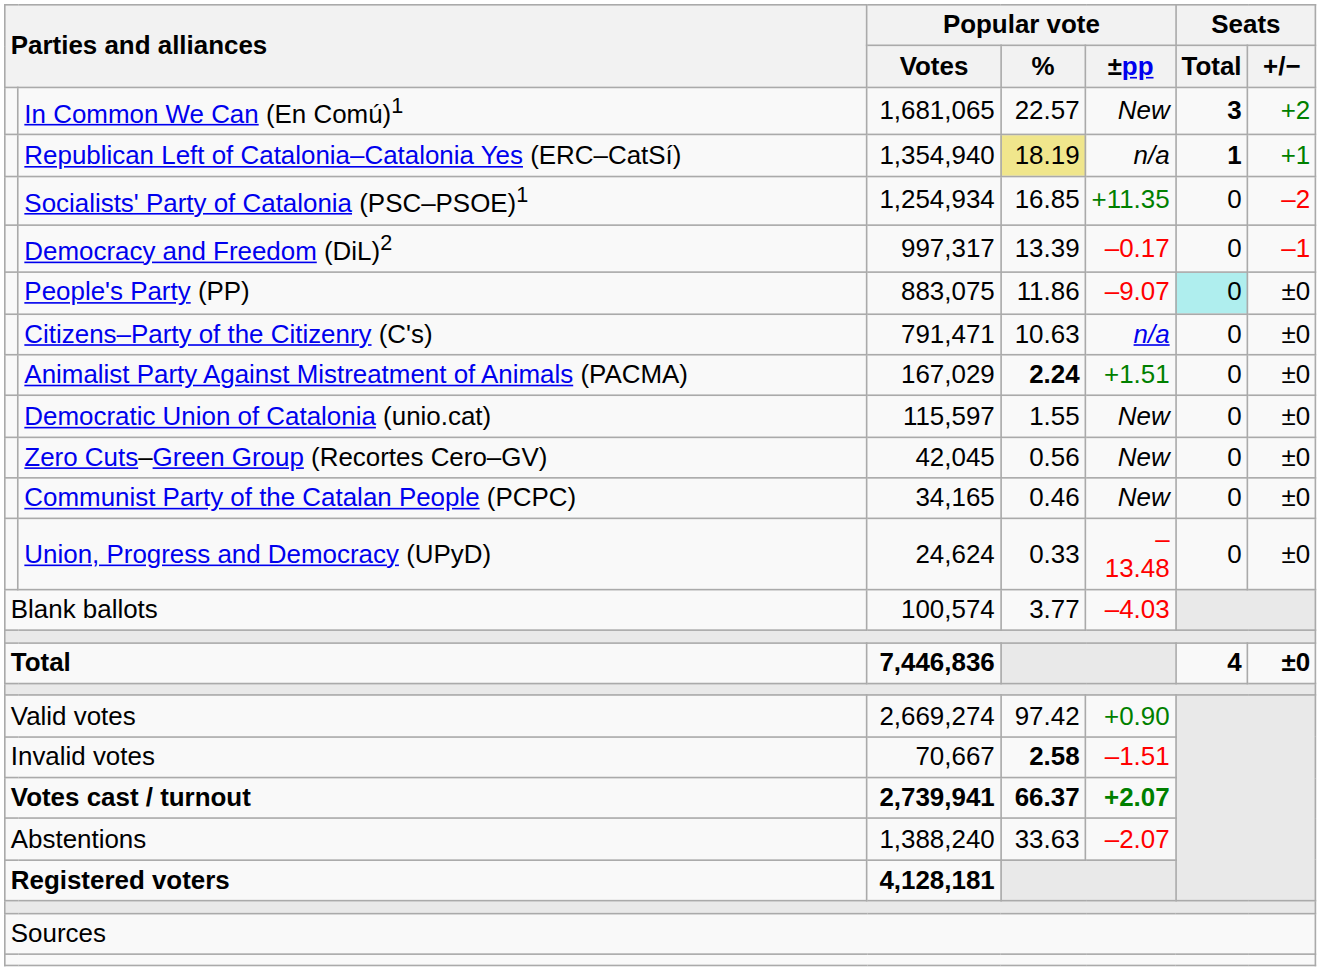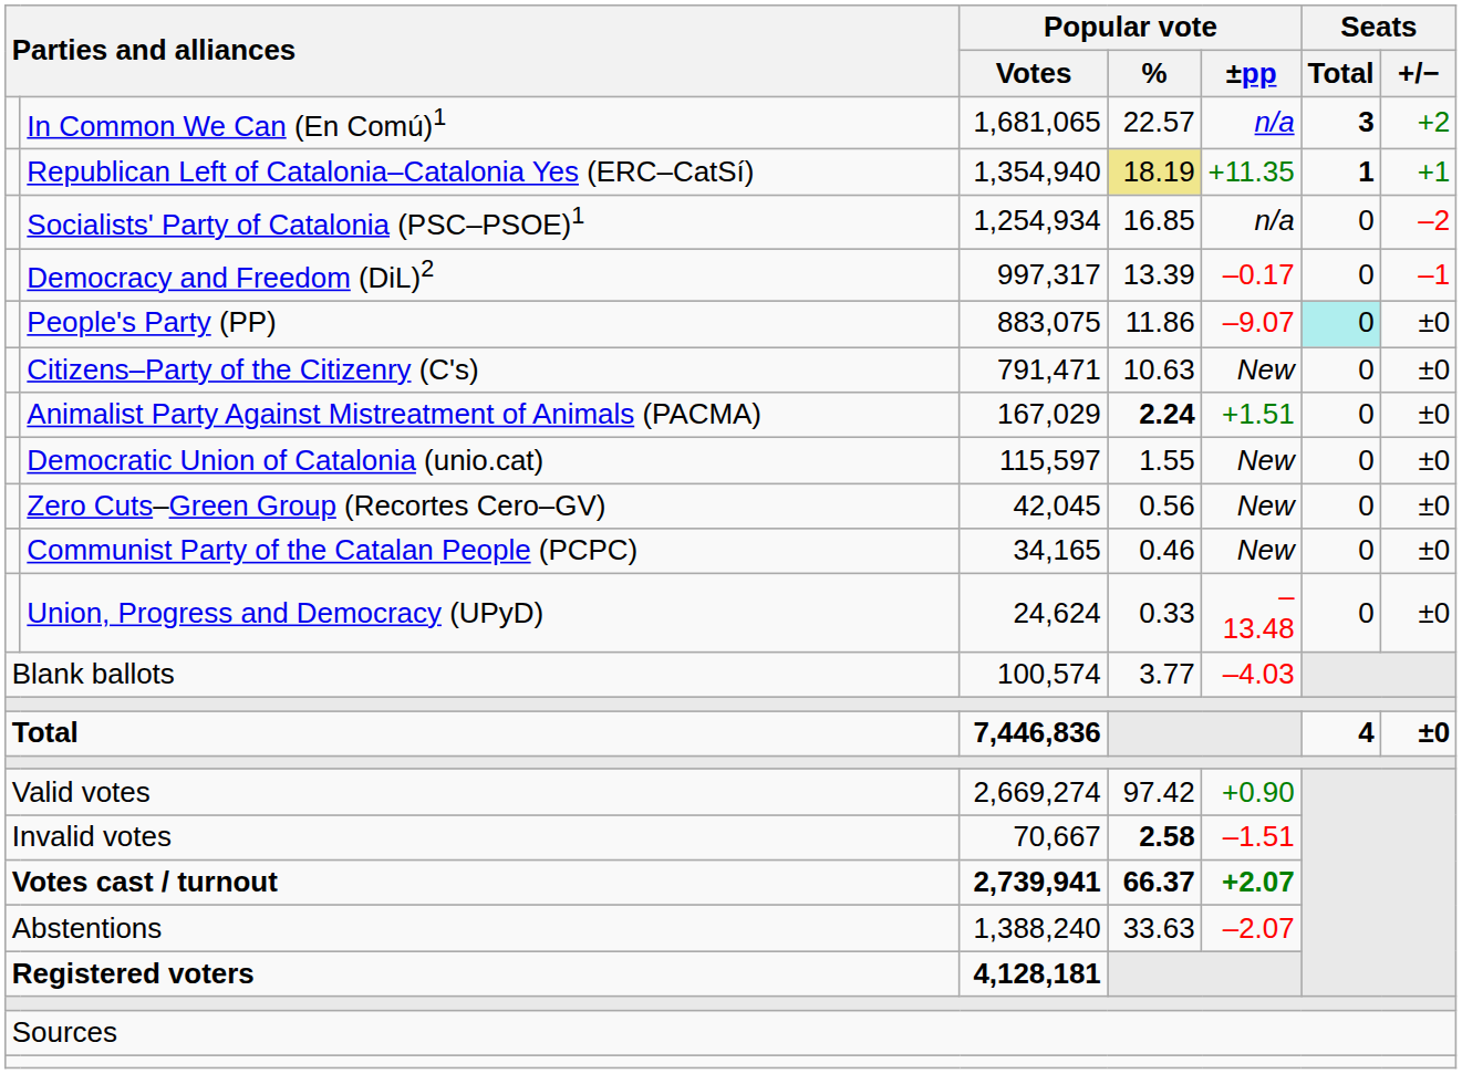 <table class="wikitable" style="text-align:right;">
 <tr>
 <th style="text-align:left;" rowspan="2" colspan="2" width="525">Parties and alliances</th>
 <th colspan="3">Popular vote</th>
 <th colspan="2">Seats</th>
 </tr>
 <tr>
 <th width="75">Votes</th>
 <th width="45">%</th>
 <th width="45">±<a href='#'>pp</a></th>
 <th width="35">Total</th>
 <th width="35">+/−</th>
 </tr>
 <tr>
 <td width="1" style="color:inherit;background:"></td>
 <td align="left"><a href='#'>In Common We Can</a> (En Comú)<sup>1</sup></td>
 <td>1,681,065</td>
 <td>22.57</td>
-<td><em>New</em></td>
+<td><em><a href='#'>n/a</a></em></td>
 <td><strong>3</strong></td>
 <td style="color:green;">+2</td>
 </tr>
 <tr>
 <td style="color:inherit;background:"></td>
 <td align="left"><a href='#'>Republican Left of Catalonia–Catalonia Yes</a> (ERC–CatSí)</td>
 <td>1,354,940</td>
 <td style="background: khaki;">18.19</td>
-<td><em>n/a</em></td>
+<td style="color:green;">+11.35</td>
 <td><strong>1</strong></td>
 <td style="color:green;">+1</td>
 </tr>
 <tr>
 <td style="color:inherit;background:"></td>
 <td align="left"><a href='#'>Socialists' Party of Catalonia</a> (PSC–PSOE)<sup>1</sup></td>
 <td>1,254,934</td>
 <td>16.85</td>
-<td style="color:green;">+11.35</td>
+<td><em>n/a</em></td>
 <td>0</td>
 <td style="color:red;">–2</td>
 </tr>
 <tr>
 <td style="color:inherit;background:"></td>
 <td align="left"><a href='#'>Democracy and Freedom</a> (DiL)<sup>2</sup></td>
 <td>997,317</td>
 <td>13.39</td>
 <td style="color:red;">–0.17</td>
 <td>0</td>
 <td style="color:red;">–1</td>
 </tr>
 <tr>
 <td style="color:inherit;background:"></td>
 <td align="left"><a href='#'>People's Party</a> (PP)</td>
 <td>883,075</td>
 <td>11.86</td>
 <td style="color:red;">–9.07</td>
 <td style="background: paleturquoise;">0</td>
 <td>±0</td>
 </tr>
 <tr>
 <td style="color:inherit;background:"></td>
 <td align="left"><a href='#'>Citizens–Party of the Citizenry</a> (C's)</td>
 <td>791,471</td>
 <td>10.63</td>
-<td><em><a href='#'>n/a</a></em></td>
+<td><em>New</em></td>
 <td>0</td>
 <td>±0</td>
 </tr>
 <tr>
 <td style="color:inherit;background:"></td>
 <td align="left"><a href='#'>Animalist Party Against Mistreatment of Animals</a> (PACMA)</td>
 <td>167,029</td>
 <td><strong>2.24</strong></td>
 <td style="color:green;">+1.51</td>
 <td>0</td>
 <td>±0</td>
 </tr>
 <tr>
 <td style="color:inherit;background:"></td>
 <td align="left"><a href='#'>Democratic Union of Catalonia</a> (unio.cat)</td>
 <td>115,597</td>
 <td>1.55</td>
 <td><em>New</em></td>
 <td>0</td>
 <td>±0</td>
 </tr>
 <tr>
 <td style="color:inherit;background:"></td>
 <td align="left"><a href='#'>Zero Cuts</a>–<a href='#'>Green Group</a> (Recortes Cero–GV)</td>
 <td>42,045</td>
 <td>0.56</td>
 <td><em>New</em></td>
 <td>0</td>
 <td>±0</td>
 </tr>
 <tr>
 <td style="color:inherit;background:"></td>
 <td align="left"><a href='#'>Communist Party of the Catalan People</a> (PCPC)</td>
 <td>34,165</td>
 <td>0.46</td>
 <td><em>New</em></td>
 <td>0</td>
 <td>±0</td>
 </tr>
 <tr>
 <td style="color:inherit;background:"></td>
 <td align="left"><a href='#'>Union, Progress and Democracy</a> (UPyD)</td>
 <td>24,624</td>
 <td>0.33</td>
 <td style="color:red;">–13.48</td>
 <td>0</td>
 <td>±0</td>
 </tr>
 <tr>
 <td align="left" colspan="2">Blank ballots</td>
 <td>100,574</td>
 <td>3.77</td>
 <td style="color:red;">–4.03</td>
 <td bgcolor="#E9E9E9" colspan="2"></td>
 </tr>
 <tr>
 <td colspan="7" bgcolor="#E9E9E9"></td>
 </tr>
 <tr style="font-weight:bold;">
 <td align="left" colspan="2">Total</td>
 <td>7,446,836</td>
 <td bgcolor="#E9E9E9" colspan="2"></td>
 <td>4</td>
 <td>±0</td>
 </tr>
 <tr>
 <td colspan="7" bgcolor="#E9E9E9"></td>
 </tr>
 <tr>
 <td align="left" colspan="2">Valid votes</td>
 <td>2,669,274</td>
 <td>97.42</td>
 <td style="color:green;">+0.90</td>
 <td bgcolor="#E9E9E9" colspan="2" rowspan="5"></td>
 </tr>
 <tr>
 <td align="left" colspan="2">Invalid votes</td>
 <td>70,667</td>
 <td><strong>2.58</strong></td>
 <td style="color:red;">–1.51</td>
 </tr>
 <tr style="font-weight:bold;">
 <td align="left" colspan="2">Votes cast / turnout</td>
 <td>2,739,941</td>
 <td>66.37</td>
 <td style="color:green;">+2.07</td>
 </tr>
 <tr>
 <td align="left" colspan="2">Abstentions</td>
 <td>1,388,240</td>
 <td>33.63</td>
 <td style="color:red;">–2.07</td>
 </tr>
 <tr style="font-weight:bold;">
 <td align="left" colspan="2">Registered voters</td>
 <td>4,128,181</td>
 <td bgcolor="#E9E9E9" colspan="2"></td>
 </tr>
 <tr>
 <td colspan="7" bgcolor="#E9E9E9"></td>
 </tr>
 <tr>
 <td align="left" colspan="7">Sources</td>
 </tr>
 <tr>
 <td colspan="7" style="text-align:left; max-width:790px;"></td>
 </tr>
 </table>
